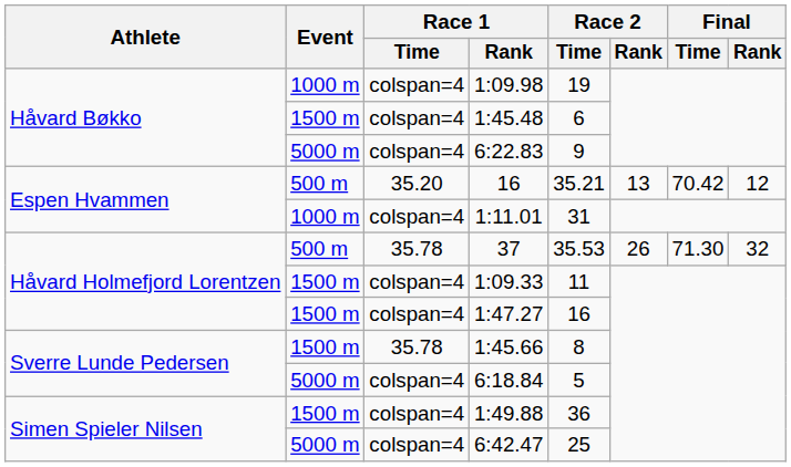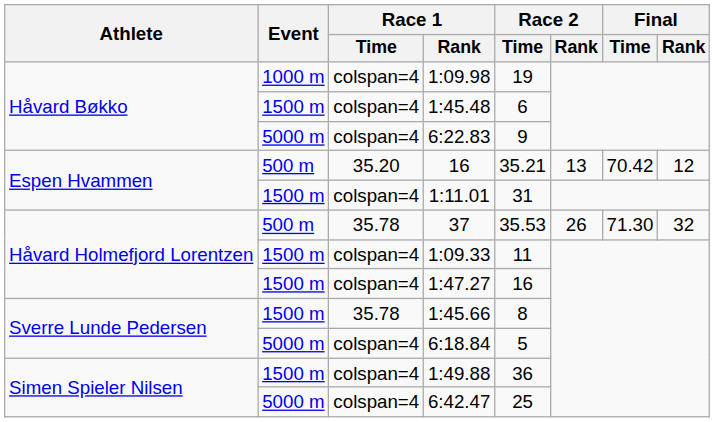 <table class="wikitable" style="font-size:90%">
 <tr>
 <th rowspan=2>Athlete</th>
 <th rowspan=2>Event</th>
 <th colspan=2>Race 1</th>
 <th colspan=2>Race 2</th>
 <th colspan=2>Final</th>
 </tr>
 <tr style="font-size:95%">
 <th>Time</th>
 <th>Rank</th>
 <th>Time</th>
 <th>Rank</th>
 <th>Time</th>
 <th>Rank</th>
 </tr>
 <tr align=center>
 <td align=left rowspan=3><a href='#'>Håvard Bøkko</a></td>
 <td align=left><a href='#'>1000 m</a></td>
 <td>colspan=4 </td>
 <td>1:09.98</td>
 <td>19</td>
 </tr>
 <tr align=center>
 <td align=left><a href='#'>1500 m</a></td>
 <td>colspan=4 </td>
 <td>1:45.48</td>
 <td>6</td>
 </tr>
 <tr align=center>
 <td align=left><a href='#'>5000 m</a></td>
 <td>colspan=4 </td>
 <td>6:22.83</td>
 <td>9</td>
 </tr>
 <tr align=center>
 <td align=left rowspan=2><a href='#'>Espen Hvammen</a></td>
 <td align=left><a href='#'>500 m</a></td>
 <td>35.20</td>
 <td>16</td>
 <td>35.21</td>
 <td>13</td>
 <td>70.42</td>
 <td>12</td>
 </tr>
 <tr align=center>
-<td align=left><a href='#'>1000 m</a></td>
+<td align=left><a href='#'>1500 m</a></td>
 <td>colspan=4 </td>
 <td>1:11.01</td>
 <td>31</td>
 </tr>
 <tr align=center>
 <td align=left rowspan=3><a href='#'>Håvard Holmefjord Lorentzen</a></td>
 <td align=left><a href='#'>500 m</a></td>
 <td>35.78</td>
 <td>37</td>
 <td>35.53</td>
 <td>26</td>
 <td>71.30</td>
 <td>32</td>
 </tr>
 <tr align=center>
 <td align=left><a href='#'>1500 m</a></td>
 <td>colspan=4 </td>
 <td>1:09.33</td>
 <td>11</td>
 </tr>
 <tr align=center>
 <td align=left><a href='#'>1500 m</a></td>
 <td>colspan=4 </td>
 <td>1:47.27</td>
 <td>16</td>
 </tr>
 <tr align=center>
 <td align=left rowspan=2><a href='#'>Sverre Lunde Pedersen</a></td>
 <td align=left><a href='#'>1500 m</a></td>
 <td>35.78</td>
 <td>1:45.66</td>
 <td>8</td>
 </tr>
 <tr align=center>
 <td align=left><a href='#'>5000 m</a></td>
 <td>colspan=4 </td>
 <td>6:18.84</td>
 <td>5</td>
 </tr>
 <tr align=center>
 <td align=left rowspan=2><a href='#'>Simen Spieler Nilsen</a></td>
 <td align=left><a href='#'>1500 m</a></td>
 <td>colspan=4 </td>
 <td>1:49.88</td>
 <td>36</td>
 </tr>
 <tr align=center>
 <td align=left><a href='#'>5000 m</a></td>
 <td>colspan=4 </td>
 <td>6:42.47</td>
 <td>25</td>
 </tr>
 </table>
